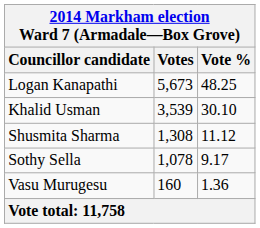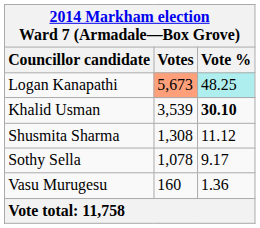 <table class="wikitable">
 <tr>
 <th colspan="3" style="text-align:center;"><strong><a href='#'>2014 Markham election</a><br>Ward 7 (Armadale—Box Grove)</strong></th>
 </tr>
 <tr>
 <th>Councillor candidate</th>
 <th>Votes</th>
 <th>Vote %</th>
 </tr>
 <tr>
 <td>Logan Kanapathi</td>
-<td>5,673</td>
-<td>48.25</td>
+<td style="background: lightsalmon;">5,673</td>
+<td style="background: paleturquoise;">48.25</td>
 </tr>
 <tr>
 <td>Khalid Usman</td>
 <td>3,539</td>
-<td>30.10</td>
+<td><strong>30.10</strong></td>
 </tr>
 <tr>
 <td>Shusmita Sharma</td>
 <td>1,308</td>
 <td>11.12</td>
 </tr>
 <tr>
 <td>Sothy Sella</td>
 <td>1,078</td>
 <td>9.17</td>
 </tr>
 <tr>
 <td>Vasu Murugesu</td>
 <td>160</td>
 <td>1.36</td>
 </tr>
 <tr>
 <th colspan="3" style="text-align:left;"><strong>Vote total:</strong> 11,758</th>
 </tr>
 </table>
